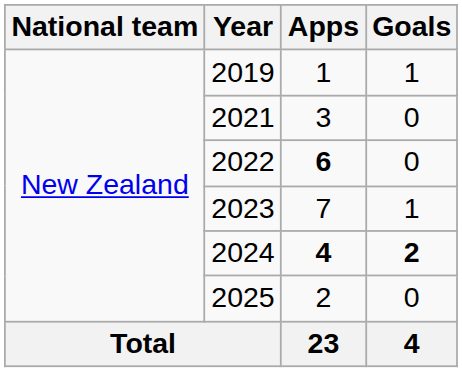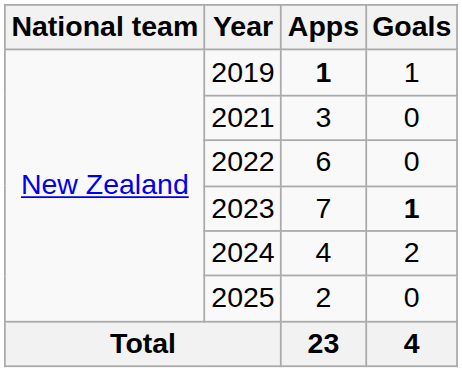 <table class=wikitable style=text-align:center>
 <tr>
 <th>National team</th>
 <th>Year</th>
 <th>Apps</th>
 <th>Goals</th>
 </tr>
 <tr>
 <td rowspan="6"><a href='#'>New Zealand</a></td>
 <td>2019</td>
-<td>1</td>
+<td><strong>1</strong></td>
 <td>1</td>
 </tr>
 <tr>
 <td>2021</td>
 <td>3</td>
 <td>0</td>
 </tr>
 <tr>
 <td>2022</td>
-<td><strong>6</strong></td>
+<td>6</td>
 <td>0</td>
 </tr>
 <tr>
 <td>2023</td>
 <td>7</td>
-<td>1</td>
+<td><strong>1</strong></td>
 </tr>
 <tr>
 <td>2024</td>
-<td><strong>4</strong></td>
-<td><strong>2</strong></td>
+<td>4</td>
+<td>2</td>
 </tr>
 <tr>
 <td>2025</td>
 <td>2</td>
 <td>0</td>
 </tr>
 <tr>
 <th colspan="2">Total</th>
 <th>23</th>
 <th>4</th>
 </tr>
 </table>
